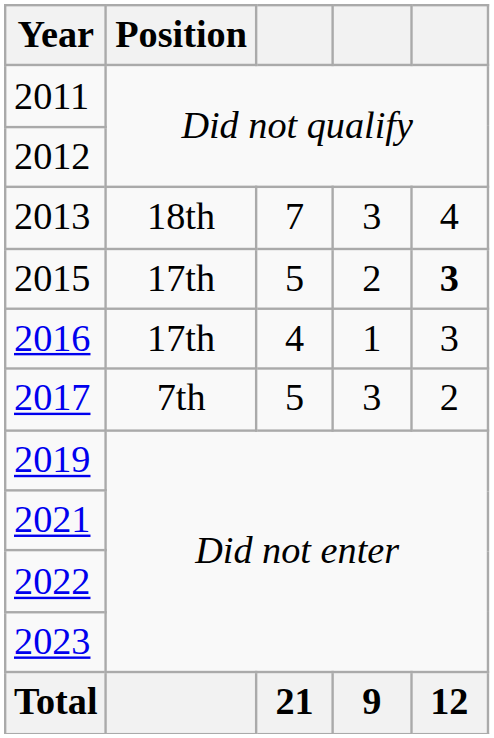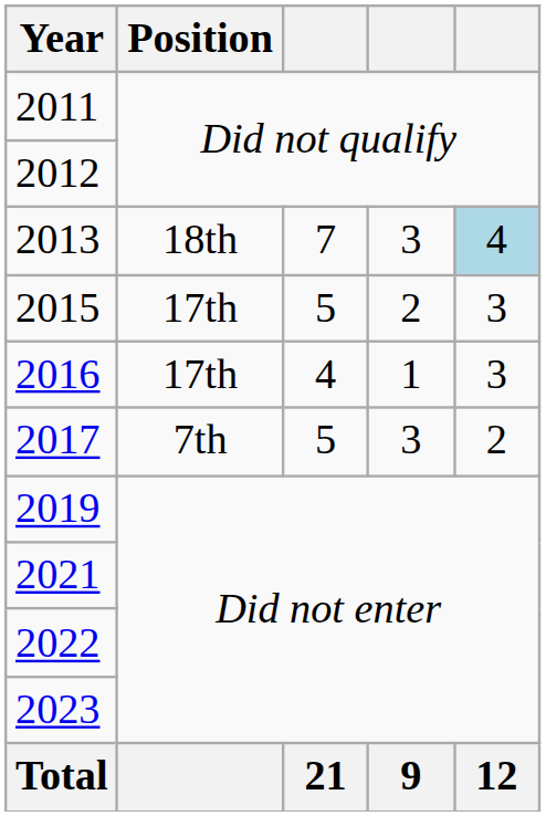 <table class="wikitable" style="text-align: center;">
 <tr>
 <th>Year</th>
 <th>Position</th>
 <th width=25px></th>
 <th width=25px></th>
 <th width=25px></th>
 </tr>
 <tr>
 <td style="text-align: left;"> 2011</td>
 <td colspan=4 rowspan=2><em>Did not qualify</em></td>
 </tr>
 <tr>
 <td style="text-align: left;"> 2012</td>
 </tr>
 <tr>
 <td style="text-align: left;"> 2013</td>
 <td>18th</td>
 <td>7</td>
 <td>3</td>
-<td>4</td>
+<td style="background: lightblue;">4</td>
 </tr>
 <tr>
 <td style="text-align: left;"> 2015</td>
 <td>17th</td>
 <td>5</td>
 <td>2</td>
-<td><strong>3</strong></td>
+<td>3</td>
 </tr>
 <tr>
 <td style="text-align: left;"> <a href='#'>2016</a></td>
 <td>17th</td>
 <td>4</td>
 <td>1</td>
 <td>3</td>
 </tr>
 <tr>
 <td style="text-align: left;"> <a href='#'>2017</a></td>
 <td>7th</td>
 <td>5</td>
 <td>3</td>
 <td>2</td>
 </tr>
 <tr>
 <td style="text-align: left;"> <a href='#'>2019</a></td>
 <td colspan=4 rowspan=4><em>Did not enter</em></td>
 </tr>
 <tr>
 <td style="text-align: left;"> <a href='#'>2021</a></td>
 </tr>
 <tr>
 <td style="text-align: left;"> <a href='#'>2022</a></td>
 </tr>
 <tr>
 <td style="text-align: left;"> <a href='#'>2023</a></td>
 </tr>
 <tr>
 <th>Total</th>
 <th></th>
 <th>21</th>
 <th>9</th>
 <th>12</th>
 </tr>
 </table>
